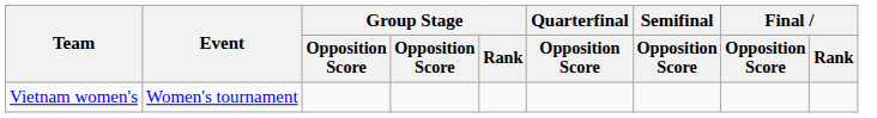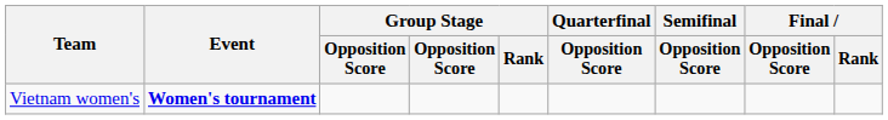 <table class=wikitable style=font-size:90%;text-align:center>
 <tr>
 <th rowspan=2>Team</th>
 <th rowspan=2>Event</th>
 <th colspan="3">Group Stage</th>
 <th>Quarterfinal</th>
 <th>Semifinal</th>
 <th colspan=2>Final / </th>
 </tr>
 <tr style=font-size:95%>
 <th>Opposition<br>Score</th>
 <th>Opposition<br>Score</th>
 <th>Rank</th>
 <th>Opposition<br>Score</th>
 <th>Opposition<br>Score</th>
 <th>Opposition<br>Score</th>
 <th>Rank</th>
 </tr>
 <tr>
 <td align=left><a href='#'>Vietnam women's</a></td>
-<td align=left><a href='#'>Women's tournament</a></td>
+<td align=left><strong><a href='#'>Women's tournament</a></strong></td>
 <td></td>
 <td></td>
 <td></td>
 <td></td>
 <td></td>
 <td></td>
 <td></td>
 </tr>
 </table>
